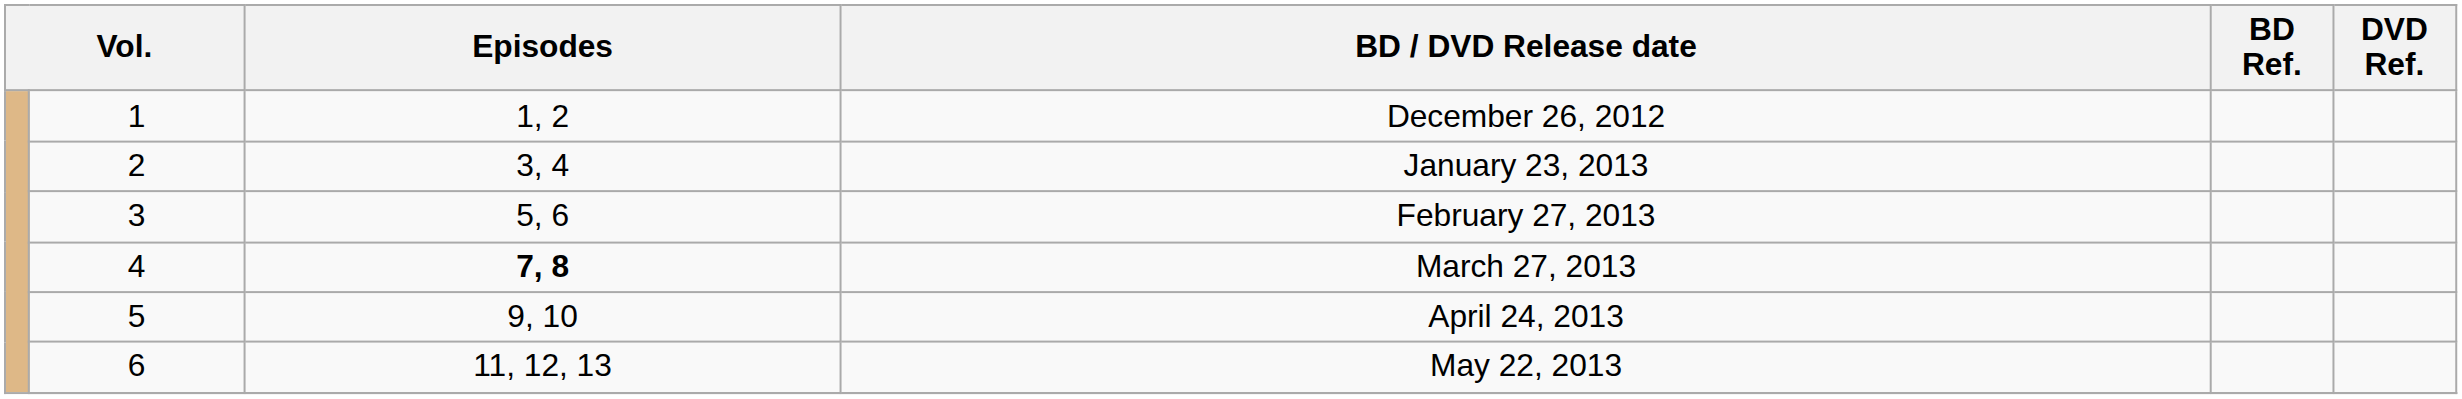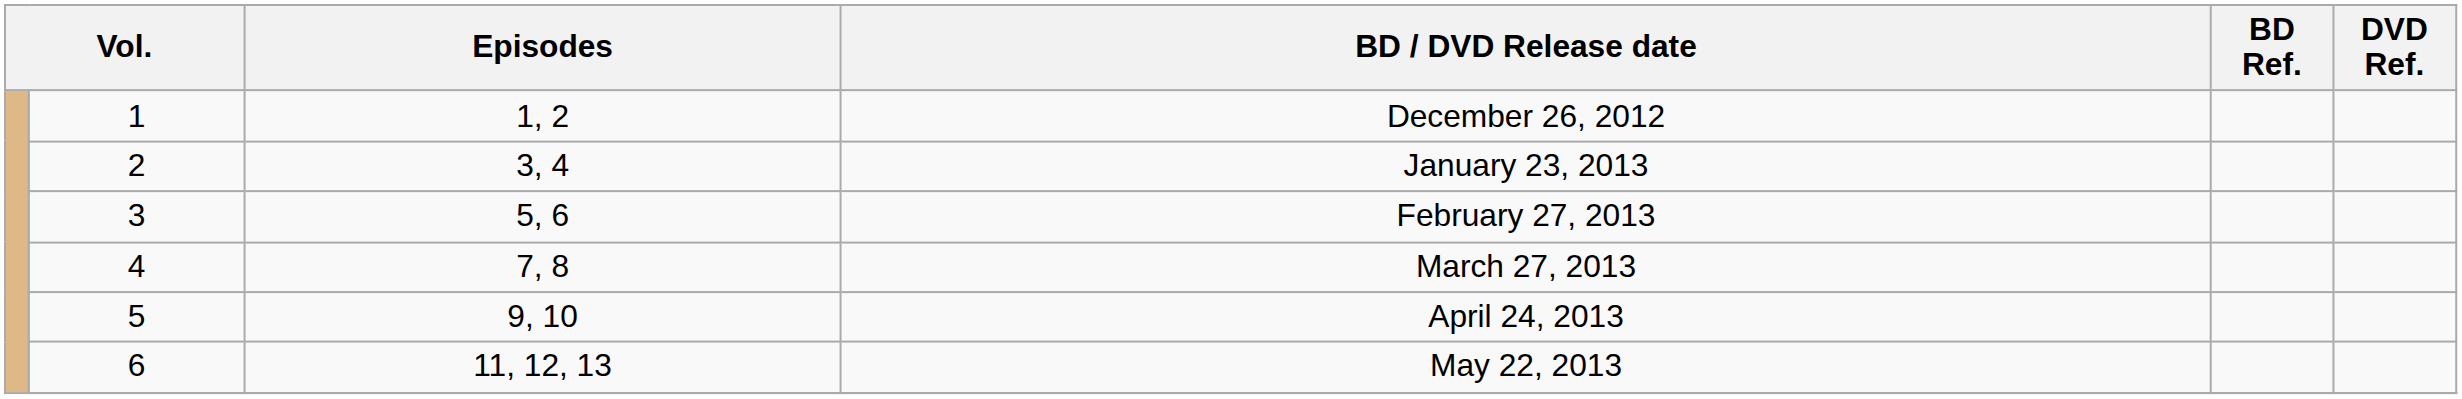 <table class="wikitable" style="text-align: center; width: 98%;">
 <tr>
 <th colspan="2">Vol.</th>
 <th>Episodes</th>
 <th>BD / DVD Release date</th>
 <th width="5%">BD Ref.</th>
 <th width="5%">DVD Ref.</th>
 </tr>
 <tr>
 <td rowspan="10" width="1%" style="background: BurlyWood;"></td>
 <td>1</td>
 <td>1, 2</td>
 <td>December 26, 2012</td>
 <td></td>
 <td></td>
 </tr>
 <tr>
 <td>2</td>
 <td>3, 4</td>
 <td>January 23, 2013</td>
 <td></td>
 <td></td>
 </tr>
 <tr>
 <td>3</td>
 <td>5, 6</td>
 <td>February 27, 2013</td>
 <td></td>
 <td></td>
 </tr>
 <tr>
 <td>4</td>
-<td><strong>7, 8</strong></td>
+<td>7, 8</td>
 <td>March 27, 2013</td>
 <td></td>
 <td></td>
 </tr>
 <tr>
 <td>5</td>
 <td>9, 10</td>
 <td>April 24, 2013</td>
 <td></td>
 <td></td>
 </tr>
 <tr>
 <td>6</td>
 <td>11, 12, 13</td>
 <td>May 22, 2013</td>
 <td></td>
 <td></td>
 </tr>
 <tr>
 </tr>
 </table>
